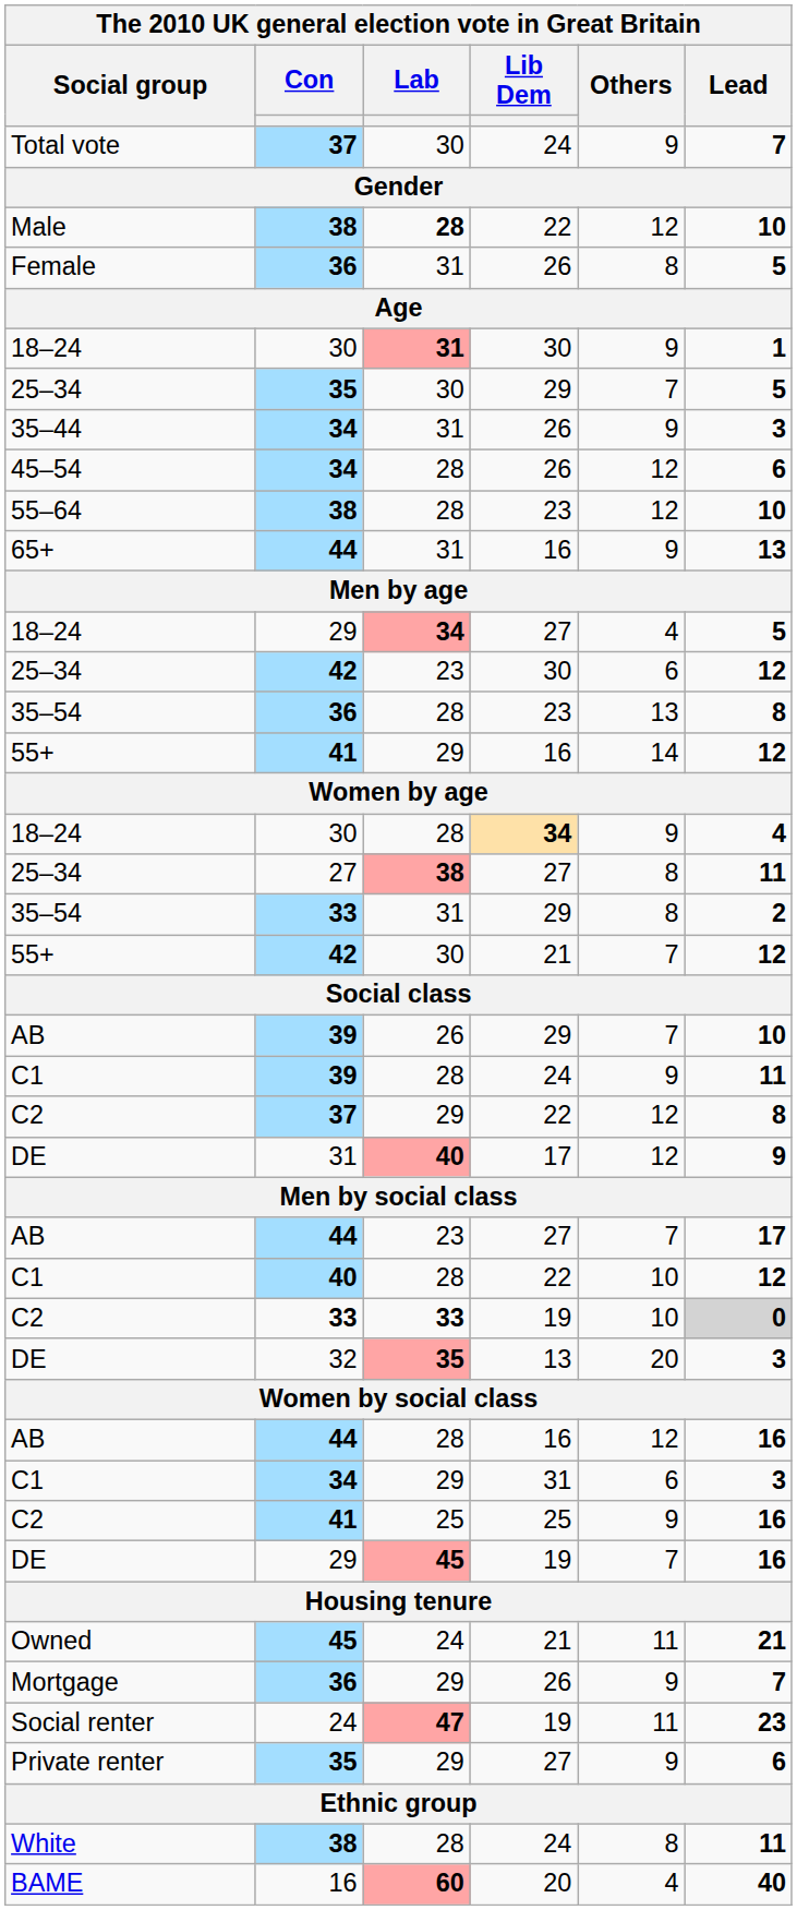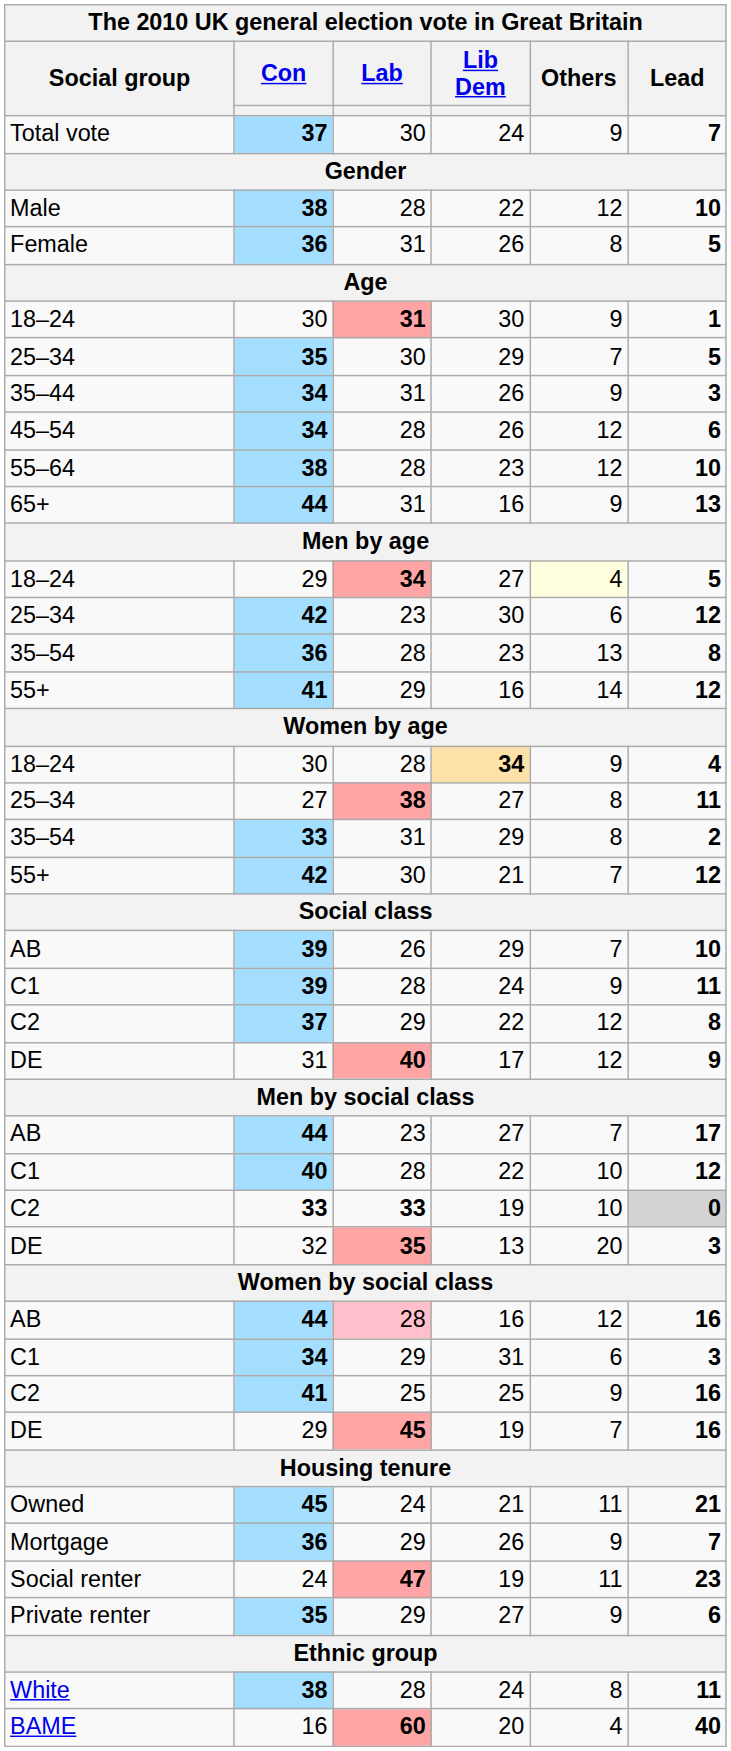 <table class=wikitable>
 <tr>
 <th colspan="10">The 2010 UK general election vote in Great Britain</th>
 </tr>
 <tr>
 <th style="width:150px;" rowspan="2">Social group</th>
 <th style="width:60px;" class="unsortable"><a href='#'>Con</a></th>
 <th style="width:60px;" class="unsortable"><a href='#'>Lab</a></th>
 <th style="width:60px;" class="unsortable"><a href='#'>Lib Dem</a></th>
 <th style="width:60px;" rowspan="2" class="unsortable">Others</th>
 <th style="width:60px;" rowspan="2" class="unsortable">Lead</th>
 </tr>
 <tr>
 <th class="unsortable" style="color:inherit;background:"></th>
 <th class="unsortable" style="color:inherit;background:"></th>
 <th class="unsortable" style="color:inherit;background:"></th>
 </tr>
 <tr>
 <td>Total vote</td>
 <td style="text-align:right; background:#A2DDFF;"><strong>37</strong></td>
 <td style="text-align:right;">30</td>
 <td style="text-align:right;">24</td>
 <td style="text-align:right;">9</td>
 <td style="text-align:right; background:"><strong>7</strong></td>
 </tr>
 <tr>
 <th colspan=9>Gender</th>
 </tr>
 <tr>
 <td>Male</td>
 <td style="text-align:right; background:#A3DEFF;"><strong>38</strong></td>
-<td style="text-align:right;"><strong>28</strong></td>
+<td style="text-align:right;">28</td>
 <td style="text-align:right;">22</td>
 <td style="text-align:right;">12</td>
 <td style="text-align:right; background:"><strong>10</strong></td>
 </tr>
 <tr>
 <td>Female</td>
 <td style="text-align:right; background:#A3DEFF;"><strong>36</strong></td>
 <td style="text-align:right;">31</td>
 <td style="text-align:right;">26</td>
 <td style="text-align:right;">8</td>
 <td style="text-align:right; background:"><strong>5</strong></td>
 </tr>
 <tr>
 <th colspan=9>Age</th>
 </tr>
 <tr>
 <td>18–24</td>
 <td style="text-align:right;">30</td>
 <td style="text-align:right; background:#FFA5A5;"><strong>31</strong></td>
 <td style="text-align:right;">30</td>
 <td style="text-align:right;">9</td>
 <td style="text-align:right; background:"><strong>1</strong></td>
 </tr>
 <tr>
 <td>25–34</td>
 <td style="text-align:right; background:#A3DEFF;"><strong>35</strong></td>
 <td style="text-align:right;">30</td>
 <td style="text-align:right;">29</td>
 <td style="text-align:right;">7</td>
 <td style="text-align:right; background:"><strong>5</strong></td>
 </tr>
 <tr>
 <td>35–44</td>
 <td style="text-align:right; background:#A3DEFF;"><strong>34</strong></td>
 <td style="text-align:right;">31</td>
 <td style="text-align:right;">26</td>
 <td style="text-align:right;">9</td>
 <td style="text-align:right; background:"><strong>3</strong></td>
 </tr>
 <tr>
 <td>45–54</td>
 <td style="text-align:right; background:#A3DEFF;"><strong>34</strong></td>
 <td style="text-align:right;">28</td>
 <td style="text-align:right;">26</td>
 <td style="text-align:right;">12</td>
 <td style="text-align:right; background:"><strong>6</strong></td>
 </tr>
 <tr>
 <td>55–64</td>
 <td style="text-align:right; background:#A3DEFF;"><strong>38</strong></td>
 <td style="text-align:right;">28</td>
 <td style="text-align:right;">23</td>
 <td style="text-align:right;">12</td>
 <td style="text-align:right; background:"><strong>10</strong></td>
 </tr>
 <tr>
 <td>65+</td>
 <td style="text-align:right; background:#A3DEFF;"><strong>44</strong></td>
 <td style="text-align:right;">31</td>
 <td style="text-align:right;">16</td>
 <td style="text-align:right;">9</td>
 <td style="text-align:right; background:"><strong>13</strong></td>
 </tr>
 <tr>
 <th colspan=9>Men by age</th>
 </tr>
 <tr>
 <td>18–24</td>
 <td style="text-align:right;">29</td>
 <td style="text-align:right; background:#FFA5A5;"><strong>34</strong></td>
 <td style="text-align:right;">27</td>
-<td style="text-align:right;">4</td>
+<td style="background: lightyellow; text-align:right;">4</td>
 <td style="text-align:right; background:"><strong>5</strong></td>
 </tr>
 <tr>
 <td>25–34</td>
 <td style="text-align:right; background:#A3DEFF;"><strong>42</strong></td>
 <td style="text-align:right;">23</td>
 <td style="text-align:right;">30</td>
 <td style="text-align:right;">6</td>
 <td style="text-align:right; background:"><strong>12</strong></td>
 </tr>
 <tr>
 <td>35–54</td>
 <td style="text-align:right; background:#A3DEFF;"><strong>36</strong></td>
 <td style="text-align:right;">28</td>
 <td style="text-align:right;">23</td>
 <td style="text-align:right;">13</td>
 <td style="text-align:right; background:"><strong>8</strong></td>
 </tr>
 <tr>
 <td>55+</td>
 <td style="text-align:right; background:#A3DEFF;"><strong>41</strong></td>
 <td style="text-align:right;">29</td>
 <td style="text-align:right;">16</td>
 <td style="text-align:right;">14</td>
 <td style="text-align:right; background:"><strong>12</strong></td>
 </tr>
 <tr>
 <th colspan=9>Women by age</th>
 </tr>
 <tr>
 <td>18–24</td>
 <td style="text-align:right;">30</td>
 <td style="text-align:right;">28</td>
 <td style="text-align:right; background:#FEE1A8;"><strong>34</strong></td>
 <td style="text-align:right;">9</td>
 <td style="text-align:right; background:"><strong>4</strong></td>
 </tr>
 <tr>
 <td>25–34</td>
 <td style="text-align:right;">27</td>
 <td style="text-align:right; background:#FFA5A5;"><strong>38</strong></td>
 <td style="text-align:right;">27</td>
 <td style="text-align:right;">8</td>
 <td style="text-align:right; background:"><strong>11</strong></td>
 </tr>
 <tr>
 <td>35–54</td>
 <td style="text-align:right; background:#A3DEFF;"><strong>33</strong></td>
 <td style="text-align:right;">31</td>
 <td style="text-align:right;">29</td>
 <td style="text-align:right;">8</td>
 <td style="text-align:right; background:"><strong>2</strong></td>
 </tr>
 <tr>
 <td>55+</td>
 <td style="text-align:right; background:#A3DEFF;"><strong>42</strong></td>
 <td style="text-align:right;">30</td>
 <td style="text-align:right;">21</td>
 <td style="text-align:right;">7</td>
 <td style="text-align:right; background:"><strong>12</strong></td>
 </tr>
 <tr>
 <th colspan=9>Social class</th>
 </tr>
 <tr>
 <td>AB</td>
 <td style="text-align:right; background:#A3DEFF;"><strong>39</strong></td>
 <td style="text-align:right;">26</td>
 <td style="text-align:right;">29</td>
 <td style="text-align:right;">7</td>
 <td style="text-align:right; background:"><strong>10</strong></td>
 </tr>
 <tr>
 <td>C1</td>
 <td style="text-align:right; background:#A3DEFF;"><strong>39</strong></td>
 <td style="text-align:right;">28</td>
 <td style="text-align:right;">24</td>
 <td style="text-align:right;">9</td>
 <td style="text-align:right; background:"><strong>11</strong></td>
 </tr>
 <tr>
 <td>C2</td>
 <td style="text-align:right; background:#A3DEFF;"><strong>37</strong></td>
 <td style="text-align:right;">29</td>
 <td style="text-align:right;">22</td>
 <td style="text-align:right;">12</td>
 <td style="text-align:right; background:"><strong>8</strong></td>
 </tr>
 <tr>
 <td>DE</td>
 <td style="text-align:right;">31</td>
 <td style="text-align:right; background:#FFA5A5;"><strong>40</strong></td>
 <td style="text-align:right;">17</td>
 <td style="text-align:right;">12</td>
 <td style="text-align:right; background:"><strong>9</strong></td>
 </tr>
 <tr>
 <th colspan=9>Men by social class</th>
 </tr>
 <tr>
 <td>AB</td>
 <td style="text-align:right; background:#A3DEFF;"><strong>44</strong></td>
 <td style="text-align:right;">23</td>
 <td style="text-align:right;">27</td>
 <td style="text-align:right;">7</td>
 <td style="text-align:right; background:"><strong>17</strong></td>
 </tr>
 <tr>
 <td>C1</td>
 <td style="text-align:right; background:#A3DEFF;"><strong>40</strong></td>
 <td style="text-align:right;">28</td>
 <td style="text-align:right;">22</td>
 <td style="text-align:right;">10</td>
 <td style="text-align:right; background:"><strong>12</strong></td>
 </tr>
 <tr>
 <td>C2</td>
 <td style="text-align:right;"><strong>33</strong></td>
 <td style="text-align:right;"><strong>33</strong></td>
 <td style="text-align:right;">19</td>
 <td style="text-align:right;">10</td>
 <td style="text-align:right; background:lightgrey; color:black;"><strong>0</strong></td>
 </tr>
 <tr>
 <td>DE</td>
 <td style="text-align:right;">32</td>
 <td style="text-align:right; background:#FFA5A5;"><strong>35</strong></td>
 <td style="text-align:right;">13</td>
 <td style="text-align:right;">20</td>
 <td style="text-align:right; background:"><strong>3</strong></td>
 </tr>
 <tr>
 <th colspan=9>Women by social class</th>
 </tr>
 <tr>
 <td>AB</td>
 <td style="text-align:right; background:#A3DEFF;"><strong>44</strong></td>
-<td style="text-align:right;">28</td>
+<td style="background: pink; text-align:right;">28</td>
 <td style="text-align:right;">16</td>
 <td style="text-align:right;">12</td>
 <td style="text-align:right; background:"><strong>16</strong></td>
 </tr>
 <tr>
 <td>C1</td>
 <td style="text-align:right; background:#A3DEFF;"><strong>34</strong></td>
 <td style="text-align:right;">29</td>
 <td style="text-align:right;">31</td>
 <td style="text-align:right;">6</td>
 <td style="text-align:right; background:"><strong>3</strong></td>
 </tr>
 <tr>
 <td>C2</td>
 <td style="text-align:right; background:#A3DEFF;"><strong>41</strong></td>
 <td style="text-align:right;">25</td>
 <td style="text-align:right;">25</td>
 <td style="text-align:right;">9</td>
 <td style="text-align:right; background:"><strong>16</strong></td>
 </tr>
 <tr>
 <td>DE</td>
 <td style="text-align:right;">29</td>
 <td style="text-align:right; background:#FFA5A5;"><strong>45</strong></td>
 <td style="text-align:right;">19</td>
 <td style="text-align:right;">7</td>
 <td style="text-align:right; background:"><strong>16</strong></td>
 </tr>
 <tr>
 <th colspan=9>Housing tenure</th>
 </tr>
 <tr>
 <td>Owned</td>
 <td style="text-align:right; background:#A3DEFF;"><strong>45</strong></td>
 <td style="text-align:right;">24</td>
 <td style="text-align:right;">21</td>
 <td style="text-align:right;">11</td>
 <td style="text-align:right; background:"><strong>21</strong></td>
 </tr>
 <tr>
 <td>Mortgage</td>
 <td style="text-align:right; background:#A3DEFF;"><strong>36</strong></td>
 <td style="text-align:right;">29</td>
 <td style="text-align:right;">26</td>
 <td style="text-align:right;">9</td>
 <td style="text-align:right; background:"><strong>7</strong></td>
 </tr>
 <tr>
 <td>Social renter</td>
 <td style="text-align:right;">24</td>
 <td style="text-align:right; background:#FFA5A5;"><strong>47</strong></td>
 <td style="text-align:right;">19</td>
 <td style="text-align:right;">11</td>
 <td style="text-align:right; background:"><strong>23</strong></td>
 </tr>
 <tr>
 <td>Private renter</td>
 <td style="text-align:right; background:#A3DEFF;"><strong>35</strong></td>
 <td style="text-align:right;">29</td>
 <td style="text-align:right;">27</td>
 <td style="text-align:right;">9</td>
 <td style="text-align:right; background:"><strong>6</strong></td>
 </tr>
 <tr>
 <th colspan=9>Ethnic group</th>
 </tr>
 <tr>
 <td><a href='#'>White</a></td>
 <td style="text-align:right; background:#A3DEFF;"><strong>38</strong></td>
 <td style="text-align:right;">28</td>
 <td style="text-align:right;">24</td>
 <td style="text-align:right;">8</td>
 <td style="text-align:right; background:"><strong>11</strong></td>
 </tr>
 <tr>
 <td><a href='#'>BAME</a></td>
 <td style="text-align:right;">16</td>
 <td style="text-align:right; background:#FFA5A5;"><strong>60</strong></td>
 <td style="text-align:right;">20</td>
 <td style="text-align:right;">4</td>
 <td style="text-align:right; background:"><strong>40</strong></td>
 </tr>
 </table>
